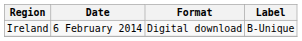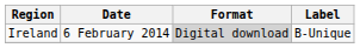 <table class=wikitable>
 <tr>
 <th>Region</th>
 <th>Date</th>
 <th>Format</th>
 <th>Label</th>
 </tr>
 <tr>
 <td>Ireland</td>
 <td>6 February 2014</td>
-<td>Digital download</td>
+<td style="background: lightgrey;">Digital download</td>
 <td>B-Unique</td>
 </tr>
 <tr>
 </tr>
 </table>
